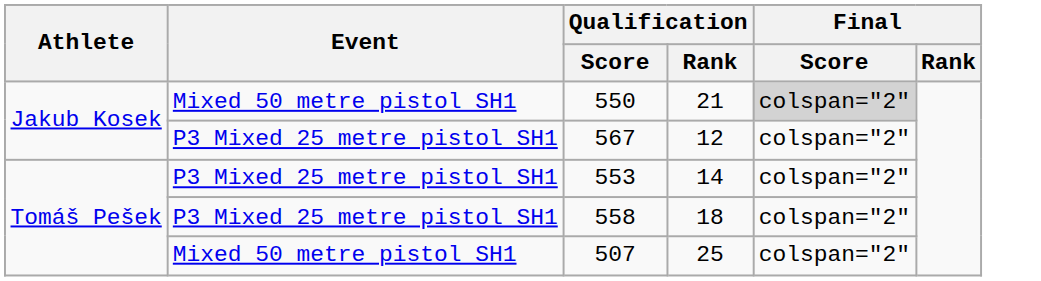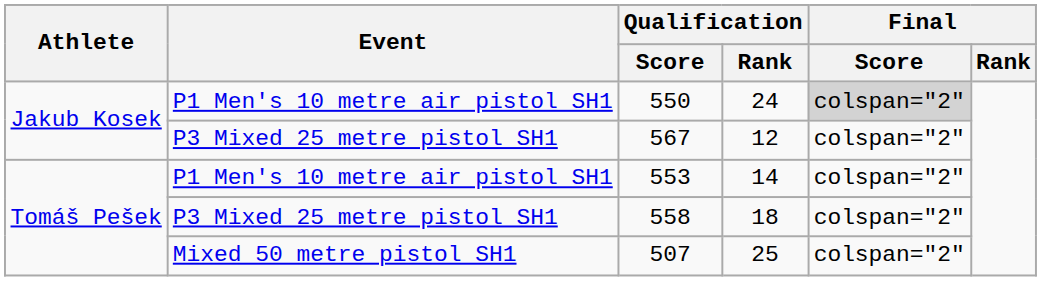 <table class=wikitable style="font-size:90%">
 <tr>
 <th rowspan="2">Athlete</th>
 <th rowspan="2">Event</th>
 <th colspan="2">Qualification</th>
 <th colspan="2">Final</th>
 </tr>
 <tr>
 <th>Score</th>
 <th>Rank</th>
 <th>Score</th>
 <th>Rank</th>
 </tr>
 <tr align=center>
 <td align=left rowspan=2><a href='#'>Jakub Kosek</a></td>
-<td align=left><a href='#'>Mixed 50 metre pistol SH1</a></td>
+<td align=left><a href='#'>P1 Men's 10 metre air pistol SH1</a></td>
 <td>550</td>
-<td>21</td>
+<td>24</td>
 <td style="background: lightgrey;">colspan="2" </td>
 </tr>
 <tr align=center>
 <td align=left><a href='#'>P3 Mixed 25 metre pistol SH1</a></td>
 <td>567</td>
 <td>12</td>
 <td>colspan="2" </td>
 </tr>
 <tr align=center>
 <td align=left rowspan=3><a href='#'>Tomáš Pešek</a></td>
-<td align=left><a href='#'>P3 Mixed 25 metre pistol SH1</a></td>
+<td align=left><a href='#'>P1 Men's 10 metre air pistol SH1</a></td>
 <td>553</td>
 <td>14</td>
 <td>colspan="2" </td>
 </tr>
 <tr align=center>
 <td align=left><a href='#'>P3 Mixed 25 metre pistol SH1</a></td>
 <td>558</td>
 <td>18</td>
 <td>colspan="2" </td>
 </tr>
 <tr align=center>
 <td align=left><a href='#'>Mixed 50 metre pistol SH1</a></td>
 <td>507</td>
 <td>25</td>
 <td>colspan="2" </td>
 </tr>
 </table>
